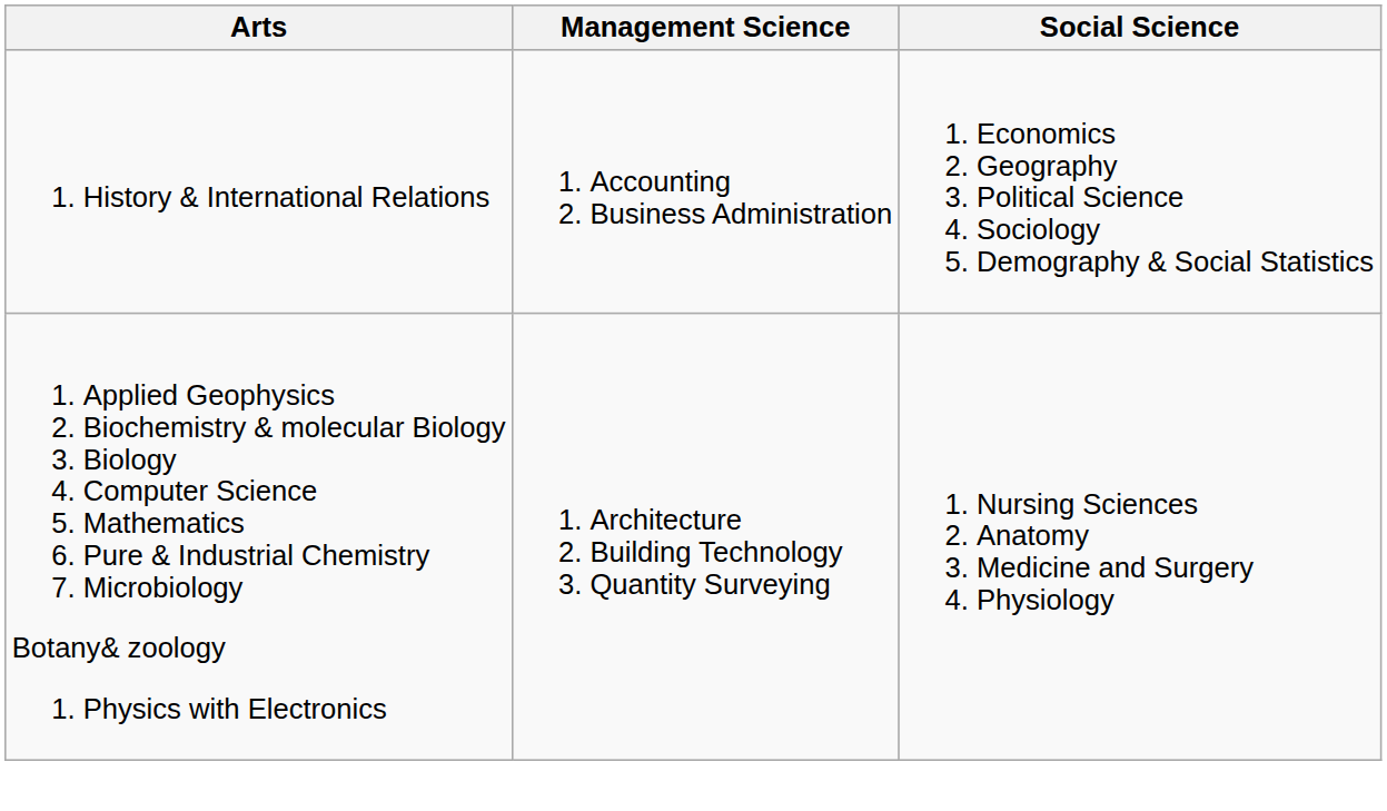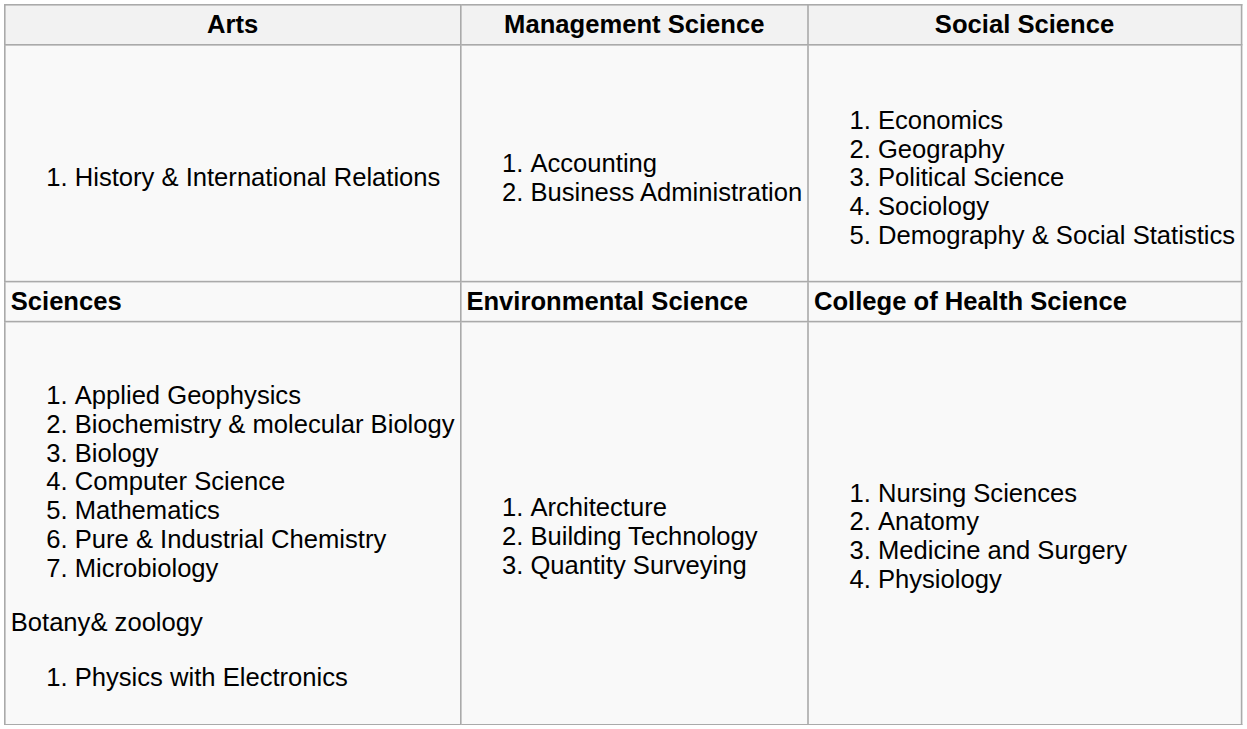 <table class="wikitable">
 <tr>
 <th><strong>Arts</strong></th>
 <th><strong>Management Science</strong></th>
 <th><strong>Social Science</strong></th>
 </tr>
 <tr>
 <td><br><ol><li>History & International Relations</li></ol></td>
 <td><br><ol><li>Accounting</li><li>Business Administration</li></ol></td>
 <td><br><ol><li>Economics</li><li>Geography</li><li>Political Science</li><li>Sociology</li><li>Demography & Social Statistics</li></ol></td>
 </tr>
 <tr>
+<td><strong>Sciences</strong></td>
+<td><strong>Environmental Science</strong></td>
+<td><strong>College of Health Science</strong></td>
+</tr>
+<tr>
 <td><br><ol><li>Applied Geophysics</li><li>Biochemistry & molecular Biology</li><li>Biology</li><li>Computer Science</li><li>Mathematics</li><li>Pure & Industrial Chemistry</li><li>Microbiology</li></ol>Botany& zoology<ol><li>Physics with Electronics</li></ol></td>
 <td><br><ol><li>Architecture</li><li>Building Technology</li><li>Quantity Surveying</li></ol></td>
 <td><br><ol><li>Nursing Sciences</li><li>Anatomy</li><li>Medicine and Surgery</li><li>Physiology</li></ol></td>
 </tr>
 </table>
